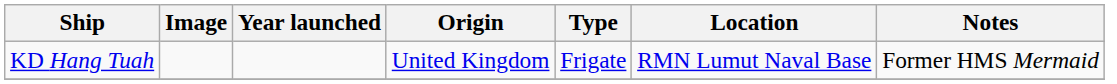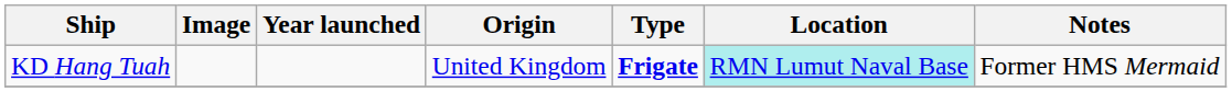 <table class="wikitable sortable">
 <tr>
 <th>Ship</th>
 <th>Image</th>
 <th>Year launched</th>
 <th>Origin</th>
 <th>Type</th>
 <th>Location</th>
 <th>Notes</th>
 </tr>
 <tr>
 <td data-sort-value=Hang Tuah><a href='#'>KD <em>Hang Tuah</em></a></td>
 <td></td>
 <td></td>
 <td> <a href='#'>United Kingdom</a></td>
-<td><a href='#'>Frigate</a></td>
-<td><a href='#'>RMN Lumut Naval Base</a></td>
+<td><strong><a href='#'>Frigate</a></strong></td>
+<td style="background: paleturquoise;"><a href='#'>RMN Lumut Naval Base</a></td>
 <td>Former HMS <em>Mermaid</em></td>
 </tr>
 <tr>
 </tr>
 </table>
